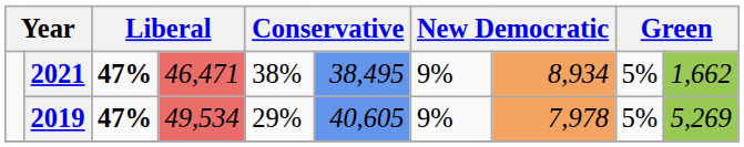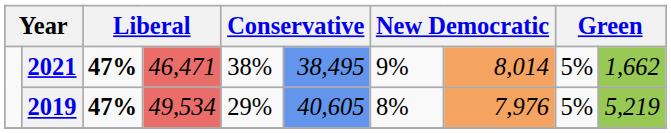 <table class="wikitable" style="float:right; width:400; font-size:90%; margin-left:1em;">
 <tr>
 <th colspan="2" scope="col">Year</th>
 <th colspan="2" scope="col"><a href='#'>Liberal</a></th>
 <th colspan="2" scope="col"><a href='#'>Conservative</a></th>
 <th colspan="2" scope="col"><a href='#'>New Democratic</a></th>
 <th colspan="2" scope="col"><a href='#'>Green</a></th>
 </tr>
 <tr>
 <td rowspan="2" style="width: 0.25em; background-color: "></td>
 <th><a href='#'>2021</a></th>
 <td><strong>47%</strong></td>
 <td style="text-align:right; background:#EA6D6A;"><em>46,471</em></td>
 <td>38%</td>
 <td style="text-align:right; background:#6495ED;"><em>38,495</em></td>
 <td>9%</td>
-<td style="text-align:right; background:#F4A460;"><em>8,934</em></td>
+<td style="text-align:right; background:#F4A460;"><em>8,014</em></td>
 <td>5%</td>
 <td style="text-align:right; background:#99C955;"><em>1,662</em></td>
 </tr>
 <tr>
 <th><a href='#'>2019</a></th>
 <td><strong>47%</strong></td>
 <td style="text-align:right; background:#EA6D6A;"><em>49,534</em></td>
 <td>29%</td>
 <td style="text-align:right; background:#6495ED;"><em>40,605</em></td>
-<td>9%</td>
-<td style="text-align:right; background:#F4A460;"><em>7,978</em></td>
+<td>8%</td>
+<td style="text-align:right; background:#F4A460;"><em>7,976</em></td>
 <td>5%</td>
-<td style="text-align:right; background:#99C955;"><em>5,269</em></td>
+<td style="text-align:right; background:#99C955;"><em>5,219</em></td>
 </tr>
 <tr>
 </tr>
 </table>
